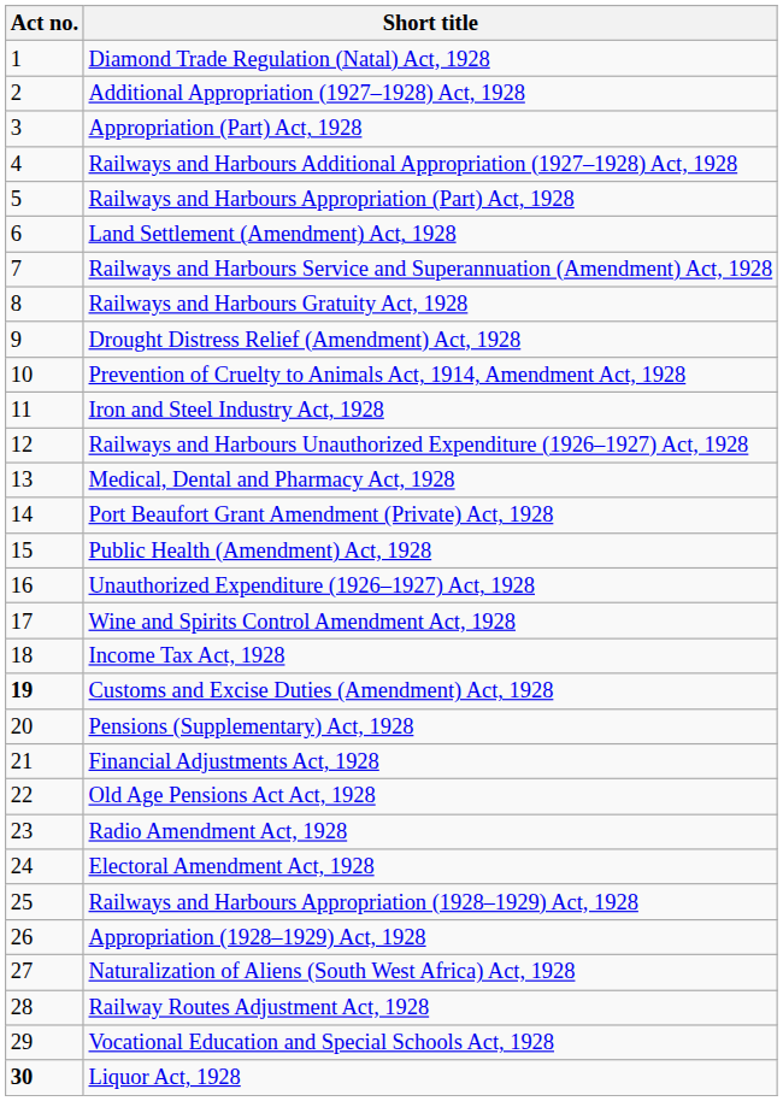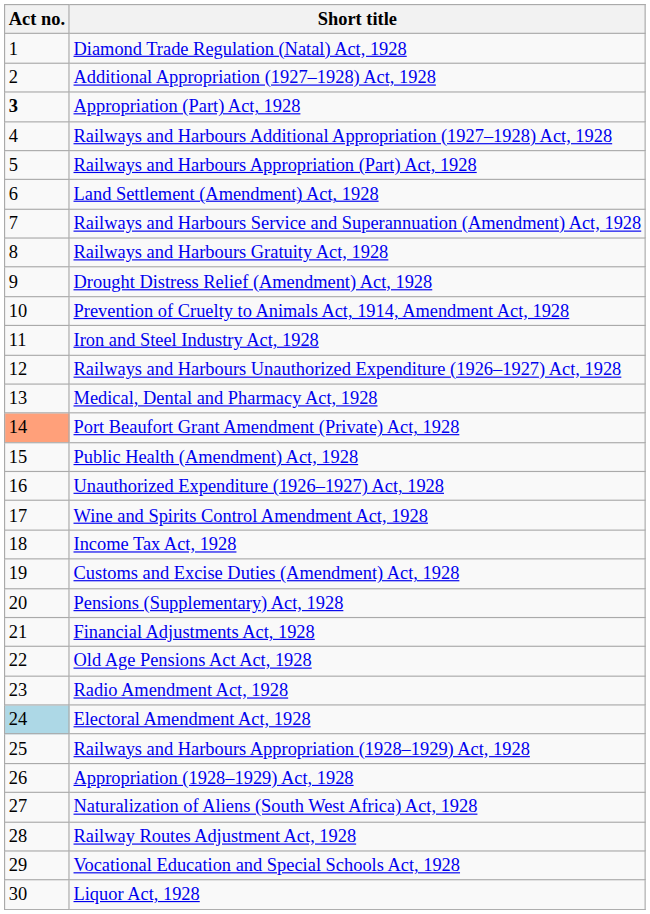 <table class="wikitable sortable">
 <tr>
 <th>Act no.</th>
 <th>Short title</th>
 </tr>
 <tr>
 <td>1</td>
 <td><a href='#'>Diamond Trade Regulation (Natal) Act, 1928</a></td>
 </tr>
 <tr>
 <td>2</td>
 <td><a href='#'>Additional Appropriation (1927–1928) Act, 1928</a></td>
 </tr>
 <tr>
-<td>3</td>
+<td><strong>3</strong></td>
 <td><a href='#'>Appropriation (Part) Act, 1928</a></td>
 </tr>
 <tr>
 <td>4</td>
 <td><a href='#'>Railways and Harbours Additional Appropriation (1927–1928) Act, 1928</a></td>
 </tr>
 <tr>
 <td>5</td>
 <td><a href='#'>Railways and Harbours Appropriation (Part) Act, 1928</a></td>
 </tr>
 <tr>
 <td>6</td>
 <td><a href='#'>Land Settlement (Amendment) Act, 1928</a></td>
 </tr>
 <tr>
 <td>7</td>
 <td><a href='#'>Railways and Harbours Service and Superannuation (Amendment) Act, 1928</a></td>
 </tr>
 <tr>
 <td>8</td>
 <td><a href='#'>Railways and Harbours Gratuity Act, 1928</a></td>
 </tr>
 <tr>
 <td>9</td>
 <td><a href='#'>Drought Distress Relief (Amendment) Act, 1928</a></td>
 </tr>
 <tr>
 <td>10</td>
 <td><a href='#'>Prevention of Cruelty to Animals Act, 1914, Amendment Act, 1928</a></td>
 </tr>
 <tr>
 <td>11</td>
 <td><a href='#'>Iron and Steel Industry Act, 1928</a></td>
 </tr>
 <tr>
 <td>12</td>
 <td><a href='#'>Railways and Harbours Unauthorized Expenditure (1926–1927) Act, 1928</a></td>
 </tr>
 <tr>
 <td>13</td>
 <td><a href='#'>Medical, Dental and Pharmacy Act, 1928</a></td>
 </tr>
 <tr>
-<td>14</td>
+<td style="background: lightsalmon;">14</td>
 <td><a href='#'>Port Beaufort Grant Amendment (Private) Act, 1928</a></td>
 </tr>
 <tr>
 <td>15</td>
 <td><a href='#'>Public Health (Amendment) Act, 1928</a></td>
 </tr>
 <tr>
 <td>16</td>
 <td><a href='#'>Unauthorized Expenditure (1926–1927) Act, 1928</a></td>
 </tr>
 <tr>
 <td>17</td>
 <td><a href='#'>Wine and Spirits Control Amendment Act, 1928</a></td>
 </tr>
 <tr>
 <td>18</td>
 <td><a href='#'>Income Tax Act, 1928</a></td>
 </tr>
 <tr>
-<td><strong>19</strong></td>
+<td>19</td>
 <td><a href='#'>Customs and Excise Duties (Amendment) Act, 1928</a></td>
 </tr>
 <tr>
 <td>20</td>
 <td><a href='#'>Pensions (Supplementary) Act, 1928</a></td>
 </tr>
 <tr>
 <td>21</td>
 <td><a href='#'>Financial Adjustments Act, 1928</a></td>
 </tr>
 <tr>
 <td>22</td>
 <td><a href='#'>Old Age Pensions Act Act, 1928</a></td>
 </tr>
 <tr>
 <td>23</td>
 <td><a href='#'>Radio Amendment Act, 1928</a></td>
 </tr>
 <tr>
-<td>24</td>
+<td style="background: lightblue;">24</td>
 <td><a href='#'>Electoral Amendment Act, 1928</a></td>
 </tr>
 <tr>
 <td>25</td>
 <td><a href='#'>Railways and Harbours Appropriation (1928–1929) Act, 1928</a></td>
 </tr>
 <tr>
 <td>26</td>
 <td><a href='#'>Appropriation (1928–1929) Act, 1928</a></td>
 </tr>
 <tr>
 <td>27</td>
 <td><a href='#'>Naturalization of Aliens (South West Africa) Act, 1928</a></td>
 </tr>
 <tr>
 <td>28</td>
 <td><a href='#'>Railway Routes Adjustment Act, 1928</a></td>
 </tr>
 <tr>
 <td>29</td>
 <td><a href='#'>Vocational Education and Special Schools Act, 1928</a></td>
 </tr>
 <tr>
-<td><strong>30</strong></td>
+<td>30</td>
 <td><a href='#'>Liquor Act, 1928</a></td>
 </tr>
 </table>
